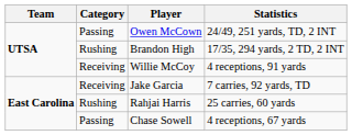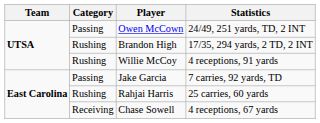 <table class="wikitable" style="float: right;">
 <tr>
 <th>Team</th>
 <th>Category</th>
 <th>Player</th>
 <th>Statistics</th>
 </tr>
 <tr>
 <td rowspan=3><strong>UTSA</strong></td>
 <td>Passing</td>
 <td><a href='#'>Owen McCown</a></td>
 <td>24/49, 251 yards, TD, 2 INT</td>
 </tr>
 <tr>
 <td>Rushing</td>
 <td>Brandon High</td>
 <td>17/35, 294 yards, 2 TD, 2 INT</td>
 </tr>
 <tr>
-<td>Receiving</td>
+<td>Rushing</td>
 <td>Willie McCoy</td>
 <td>4 receptions, 91 yards</td>
 </tr>
 <tr>
 <td rowspan=3><strong>East Carolina</strong></td>
-<td>Receiving</td>
+<td>Passing</td>
 <td>Jake Garcia</td>
 <td>7 carries, 92 yards, TD</td>
 </tr>
 <tr>
 <td>Rushing</td>
 <td>Rahjai Harris</td>
 <td>25 carries, 60 yards</td>
 </tr>
 <tr>
-<td>Passing</td>
+<td>Receiving</td>
 <td>Chase Sowell</td>
 <td>4 receptions, 67 yards</td>
 </tr>
 </table>
